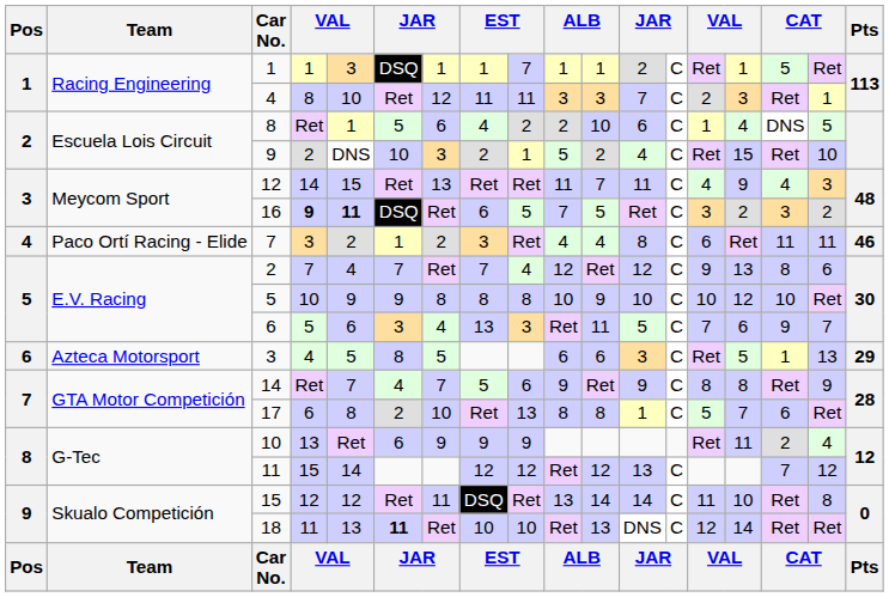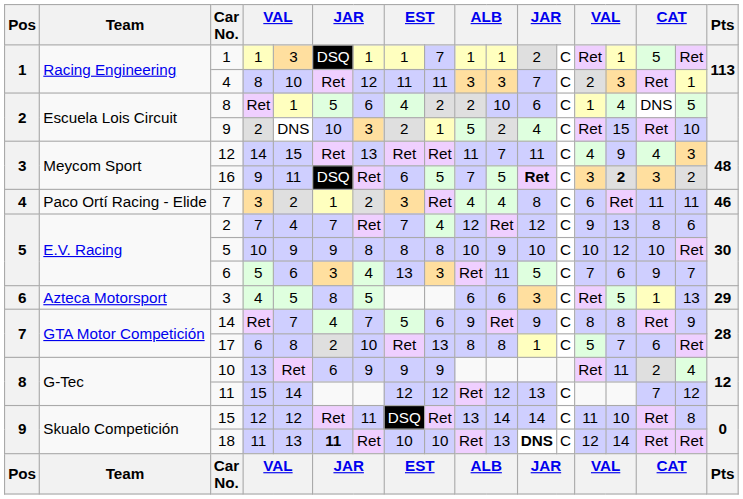 <table class="wikitable" style="font-size: 85%; text-align:center">
 <tr valign="top">
 <th valign="middle">Pos</th>
 <th valign="middle">Team</th>
 <th valign="middle">Car<br>No.</th>
 <th colspan=2><a href='#'>VAL</a><br></th>
 <th colspan=2><a href='#'>JAR</a><br></th>
 <th colspan=2><a href='#'>EST</a><br></th>
 <th colspan=2><a href='#'>ALB</a><br></th>
 <th colspan=2><a href='#'>JAR</a><br></th>
 <th colspan=2><a href='#'>VAL</a><br></th>
 <th colspan=2><a href='#'>CAT</a><br></th>
 <th valign="middle">Pts</th>
 </tr>
 <tr>
 <th rowspan=2>1</th>
 <td align=left rowspan=2><a href='#'>Racing Engineering</a></td>
 <td>1</td>
 <td style="background:#FFFFBF;">1</td>
 <td style="background:#FFDF9F;">3</td>
 <td style="background:#000000; color:white">DSQ</td>
 <td style="background:#FFFFBF;">1</td>
 <td style="background:#FFFFBF;">1</td>
 <td style="background:#cfcfff;">7</td>
 <td style="background:#FFFFBF;">1</td>
 <td style="background:#FFFFBF;">1</td>
 <td style="background:#DFDFDF;">2</td>
 <td style="background:#FFFFFF;">C</td>
 <td style="background:#EFCFFF;">Ret</td>
 <td style="background:#FFFFBF;">1</td>
 <td style="background:#DFFFDF;">5</td>
 <td style="background:#EFCFFF;">Ret</td>
 <th rowspan=2>113</th>
 </tr>
 <tr>
 <td>4</td>
 <td style="background:#cfcfff;">8</td>
 <td style="background:#cfcfff;">10</td>
 <td style="background:#EFCFFF;">Ret</td>
 <td style="background:#cfcfff;">12</td>
 <td style="background:#cfcfff;">11</td>
 <td style="background:#cfcfff;">11</td>
 <td style="background:#FFDF9F;">3</td>
 <td style="background:#FFDF9F;">3</td>
 <td style="background:#cfcfff;">7</td>
 <td style="background:#FFFFFF;">C</td>
 <td style="background:#DFDFDF;">2</td>
 <td style="background:#FFDF9F;">3</td>
 <td style="background:#EFCFFF;">Ret</td>
 <td style="background:#FFFFBF;">1</td>
 </tr>
 <tr>
 <th rowspan=2>2</th>
 <td rowspan=2 align=left>Escuela Lois Circuit</td>
 <td>8</td>
 <td style="background:#EFCFFF;">Ret</td>
 <td style="background:#FFFFBF;">1</td>
 <td style="background:#DFFFDF;">5</td>
 <td style="background:#cfcfff;">6</td>
 <td style="background:#DFFFDF;">4</td>
 <td style="background:#DFDFDF;">2</td>
 <td style="background:#DFDFDF;">2</td>
 <td style="background:#cfcfff;">10</td>
 <td style="background:#cfcfff;">6</td>
 <td style="background:#FFFFFF;">C</td>
 <td style="background:#FFFFBF;">1</td>
 <td style="background:#DFFFDF;">4</td>
 <td style="background:#FFFFFF;">DNS</td>
 <td style="background:#DFFFDF;">5</td>
 <th rowspan=2></th>
 </tr>
 <tr>
 <td>9</td>
 <td style="background:#DFDFDF;">2</td>
 <td style="background:#FFFFFF;">DNS</td>
 <td style="background:#cfcfff;">10</td>
 <td style="background:#FFDF9F;">3</td>
 <td style="background:#DFDFDF;">2</td>
 <td style="background:#FFFFBF;">1</td>
 <td style="background:#DFFFDF;">5</td>
 <td style="background:#DFDFDF;">2</td>
 <td style="background:#DFFFDF;">4</td>
 <td style="background:#FFFFFF;">C</td>
 <td style="background:#EFCFFF;">Ret</td>
 <td style="background:#cfcfff;">15</td>
 <td style="background:#EFCFFF;">Ret</td>
 <td style="background:#cfcfff;">10</td>
 </tr>
 <tr>
 <th rowspan=2>3</th>
 <td rowspan=2 align=left>Meycom Sport</td>
 <td>12</td>
 <td style="background:#cfcfff;">14</td>
 <td style="background:#cfcfff;">15</td>
 <td style="background:#EFCFFF;">Ret</td>
 <td style="background:#cfcfff;">13</td>
 <td style="background:#EFCFFF;">Ret</td>
 <td style="background:#EFCFFF;">Ret</td>
 <td style="background:#cfcfff;">11</td>
 <td style="background:#cfcfff;">7</td>
 <td style="background:#cfcfff;">11</td>
 <td style="background:#FFFFFF;">C</td>
 <td style="background:#DFFFDF;">4</td>
 <td style="background:#cfcfff;">9</td>
 <td style="background:#DFFFDF;">4</td>
 <td style="background:#FFDF9F;">3</td>
 <th rowspan=2>48</th>
 </tr>
 <tr>
 <td>16</td>
-<td style="background:#cfcfff;"><strong>9</strong></td>
-<td style="background:#cfcfff;"><strong>11</strong></td>
+<td style="background:#cfcfff;">9</td>
+<td style="background:#cfcfff;">11</td>
 <td style="background:#000000; color:white">DSQ</td>
 <td style="background:#EFCFFF;">Ret</td>
 <td style="background:#cfcfff;">6</td>
 <td style="background:#DFFFDF;">5</td>
 <td style="background:#cfcfff;">7</td>
 <td style="background:#DFFFDF;">5</td>
-<td style="background:#EFCFFF;">Ret</td>
+<td style="background:#EFCFFF;"><strong>Ret</strong></td>
 <td style="background:#FFFFFF;">C</td>
 <td style="background:#FFDF9F;">3</td>
-<td style="background:#DFDFDF;">2</td>
+<td style="background:#DFDFDF;"><strong>2</strong></td>
 <td style="background:#FFDF9F;">3</td>
 <td style="background:#DFDFDF;">2</td>
 </tr>
 <tr>
 <th>4</th>
 <td align=left nowrap>Paco Ortí Racing - Elide</td>
 <td>7</td>
 <td style="background:#FFDF9F;">3</td>
 <td style="background:#DFDFDF;">2</td>
 <td style="background:#FFFFBF;">1</td>
 <td style="background:#DFDFDF;">2</td>
 <td style="background:#FFDF9F;">3</td>
 <td style="background:#EFCFFF;">Ret</td>
 <td style="background:#DFFFDF;">4</td>
 <td style="background:#DFFFDF;">4</td>
 <td style="background:#cfcfff;">8</td>
 <td style="background:#FFFFFF;">C</td>
 <td style="background:#cfcfff;">6</td>
 <td style="background:#EFCFFF;">Ret</td>
 <td style="background:#cfcfff;">11</td>
 <td style="background:#cfcfff;">11</td>
 <th>46</th>
 </tr>
 <tr>
 <th rowspan=3>5</th>
 <td rowspan=3 align=left><a href='#'>E.V. Racing</a></td>
 <td>2</td>
 <td style="background:#cfcfff;">7</td>
 <td style="background:#cfcfff;">4</td>
 <td style="background:#cfcfff;">7</td>
 <td style="background:#EFCFFF;">Ret</td>
 <td style="background:#cfcfff;">7</td>
 <td style="background:#DFFFDF;">4</td>
 <td style="background:#cfcfff;">12</td>
 <td style="background:#EFCFFF;">Ret</td>
 <td style="background:#cfcfff;">12</td>
 <td style="background:#FFFFFF;">C</td>
 <td style="background:#cfcfff;">9</td>
 <td style="background:#cfcfff;">13</td>
 <td style="background:#cfcfff;">8</td>
 <td style="background:#cfcfff;">6</td>
 <th rowspan=3>30</th>
 </tr>
 <tr>
 <td>5</td>
 <td style="background:#cfcfff;">10</td>
 <td style="background:#cfcfff;">9</td>
 <td style="background:#cfcfff;">9</td>
 <td style="background:#cfcfff;">8</td>
 <td style="background:#cfcfff;">8</td>
 <td style="background:#cfcfff;">8</td>
 <td style="background:#cfcfff;">10</td>
 <td style="background:#cfcfff;">9</td>
 <td style="background:#cfcfff;">10</td>
 <td style="background:#FFFFFF;">C</td>
 <td style="background:#cfcfff;">10</td>
 <td style="background:#cfcfff;">12</td>
 <td style="background:#cfcfff;">10</td>
 <td style="background:#EFCFFF;">Ret</td>
 </tr>
 <tr>
 <td>6</td>
 <td style="background:#DFFFDF;">5</td>
 <td style="background:#cfcfff;">6</td>
 <td style="background:#FFDF9F;">3</td>
 <td style="background:#DFFFDF;">4</td>
 <td style="background:#cfcfff;">13</td>
 <td style="background:#FFDF9F;">3</td>
 <td style="background:#EFCFFF;">Ret</td>
 <td style="background:#cfcfff;">11</td>
 <td style="background:#DFFFDF;">5</td>
 <td style="background:#FFFFFF;">C</td>
 <td style="background:#cfcfff;">7</td>
 <td style="background:#cfcfff;">6</td>
 <td style="background:#cfcfff;">9</td>
 <td style="background:#cfcfff;">7</td>
 </tr>
 <tr>
 <th>6</th>
 <td align=left><a href='#'>Azteca Motorsport</a></td>
 <td>3</td>
 <td style="background:#DFFFDF;">4</td>
 <td style="background:#DFFFDF;">5</td>
 <td style="background:#cfcfff;">8</td>
 <td style="background:#DFFFDF;">5</td>
 <td></td>
 <td></td>
 <td style="background:#cfcfff;">6</td>
 <td style="background:#cfcfff;">6</td>
 <td style="background:#FFDF9F;">3</td>
 <td style="background:#FFFFFF;">C</td>
 <td style="background:#EFCFFF;">Ret</td>
 <td style="background:#DFFFDF;">5</td>
 <td style="background:#FFFFBF;">1</td>
 <td style="background:#cfcfff;">13</td>
 <th>29</th>
 </tr>
 <tr>
 <th rowspan=2>7</th>
 <td rowspan=2 align=left><a href='#'>GTA Motor Competición</a></td>
 <td>14</td>
 <td style="background:#EFCFFF;">Ret</td>
 <td style="background:#cfcfff;">7</td>
 <td style="background:#DFFFDF;">4</td>
 <td style="background:#cfcfff;">7</td>
 <td style="background:#DFFFDF;">5</td>
 <td style="background:#cfcfff;">6</td>
 <td style="background:#cfcfff;">9</td>
 <td style="background:#EFCFFF;">Ret</td>
 <td style="background:#cfcfff;">9</td>
 <td style="background:#FFFFFF;">C</td>
 <td style="background:#cfcfff;">8</td>
 <td style="background:#cfcfff;">8</td>
 <td style="background:#EFCFFF;">Ret</td>
 <td style="background:#cfcfff;">9</td>
 <th rowspan=2>28</th>
 </tr>
 <tr>
 <td>17</td>
 <td style="background:#cfcfff;">6</td>
 <td style="background:#cfcfff;">8</td>
 <td style="background:#DFDFDF;">2</td>
 <td style="background:#cfcfff;">10</td>
 <td style="background:#EFCFFF;">Ret</td>
 <td style="background:#cfcfff;">13</td>
 <td style="background:#cfcfff;">8</td>
 <td style="background:#cfcfff;">8</td>
 <td style="background:#FFFFBF;">1</td>
 <td style="background:#FFFFFF;">C</td>
 <td style="background:#DFFFDF;">5</td>
 <td style="background:#cfcfff;">7</td>
 <td style="background:#cfcfff;">6</td>
 <td style="background:#EFCFFF;">Ret</td>
 </tr>
 <tr>
 <th rowspan=2>8</th>
 <td rowspan=2 align=left>G-Tec</td>
 <td>10</td>
 <td style="background:#cfcfff;">13</td>
 <td style="background:#EFCFFF;">Ret</td>
 <td style="background:#cfcfff;">6</td>
 <td style="background:#cfcfff;">9</td>
 <td style="background:#cfcfff;">9</td>
 <td style="background:#cfcfff;">9</td>
 <td></td>
 <td></td>
 <td></td>
 <td></td>
 <td style="background:#EFCFFF;">Ret</td>
 <td style="background:#cfcfff;">11</td>
 <td style="background:#DFDFDF;">2</td>
 <td style="background:#DFFFDF;">4</td>
 <th rowspan=2>12</th>
 </tr>
 <tr>
 <td>11</td>
 <td style="background:#cfcfff;">15</td>
 <td style="background:#cfcfff;">14</td>
 <td></td>
 <td></td>
 <td style="background:#cfcfff;">12</td>
 <td style="background:#cfcfff;">12</td>
 <td style="background:#EFCFFF;">Ret</td>
 <td style="background:#cfcfff;">12</td>
 <td style="background:#cfcfff;">13</td>
 <td style="background:#FFFFFF;">C</td>
 <td></td>
 <td></td>
 <td style="background:#cfcfff;">7</td>
 <td style="background:#cfcfff;">12</td>
 </tr>
 <tr>
 <th rowspan=2>9</th>
 <td rowspan=2 align=left>Skualo Competición</td>
 <td>15</td>
 <td style="background:#cfcfff;">12</td>
 <td style="background:#cfcfff;">12</td>
 <td style="background:#EFCFFF;">Ret</td>
 <td style="background:#cfcfff;">11</td>
 <td style="background:#000000; color:white">DSQ</td>
 <td style="background:#EFCFFF;">Ret</td>
 <td style="background:#cfcfff;">13</td>
 <td style="background:#cfcfff;">14</td>
 <td style="background:#cfcfff;">14</td>
 <td style="background:#FFFFFF;">C</td>
 <td style="background:#cfcfff;">11</td>
 <td style="background:#cfcfff;">10</td>
 <td style="background:#EFCFFF;">Ret</td>
 <td style="background:#cfcfff;">8</td>
 <th rowspan=2>0</th>
 </tr>
 <tr>
 <td>18</td>
 <td style="background:#cfcfff;">11</td>
 <td style="background:#cfcfff;">13</td>
 <td style="background:#cfcfff;"><strong>11</strong></td>
 <td style="background:#EFCFFF;">Ret</td>
 <td style="background:#cfcfff;">10</td>
 <td style="background:#cfcfff;">10</td>
 <td style="background:#EFCFFF;">Ret</td>
 <td style="background:#cfcfff;">13</td>
-<td style="background:#FFFFFF;">DNS</td>
+<td style="background:#FFFFFF;"><strong>DNS</strong></td>
 <td style="background:#FFFFFF;">C</td>
 <td style="background:#cfcfff;">12</td>
 <td style="background:#cfcfff;">14</td>
 <td style="background:#EFCFFF;">Ret</td>
 <td style="background:#EFCFFF;">Ret</td>
 </tr>
 <tr valign="top">
 <th valign="middle">Pos</th>
 <th valign="middle">Team</th>
 <th valign="middle">Car<br>No.</th>
 <th colspan=2><a href='#'>VAL</a><br></th>
 <th colspan=2><a href='#'>JAR</a><br></th>
 <th colspan=2><a href='#'>EST</a><br></th>
 <th colspan=2><a href='#'>ALB</a><br></th>
 <th colspan=2><a href='#'>JAR</a><br></th>
 <th colspan=2><a href='#'>VAL</a><br></th>
 <th colspan=2><a href='#'>CAT</a><br></th>
 <th valign="middle">Pts</th>
 </tr>
 </table>
